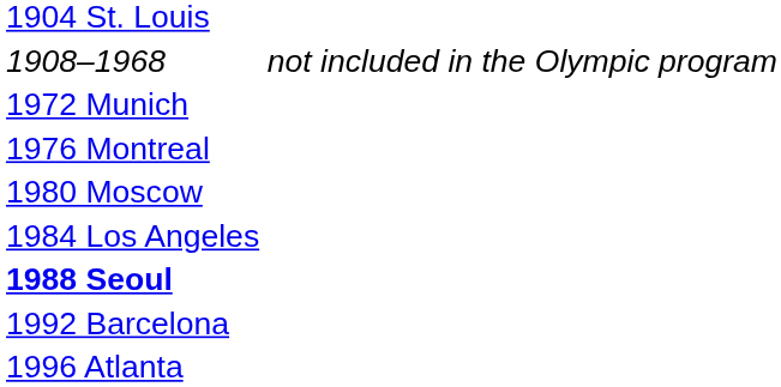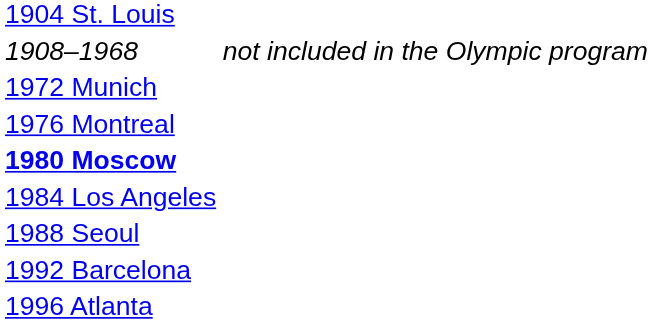 <table>
 <tr>
 <td><a href='#'>1904 St. Louis</a><br></td>
 <td></td>
 <td></td>
 <td></td>
 </tr>
 <tr>
 <td><em>1908–1968</em></td>
 <td colspan=3 align=center><em>not included in the Olympic program</em></td>
 </tr>
 <tr>
 <td><a href='#'>1972 Munich</a><br></td>
 <td></td>
 <td></td>
 <td></td>
 </tr>
 <tr>
 <td><a href='#'>1976 Montreal</a><br></td>
 <td></td>
 <td></td>
 <td></td>
 </tr>
 <tr>
-<td><a href='#'>1980 Moscow</a><br></td>
+<td><strong><a href='#'>1980 Moscow</a><br></strong></td>
 <td></td>
 <td></td>
 <td></td>
 </tr>
 <tr>
 <td><a href='#'>1984 Los Angeles</a><br></td>
 <td></td>
 <td></td>
 <td></td>
 </tr>
 <tr>
-<td><strong><a href='#'>1988 Seoul</a><br></strong></td>
+<td><a href='#'>1988 Seoul</a><br></td>
 <td></td>
 <td></td>
 <td></td>
 </tr>
 <tr>
 <td><a href='#'>1992 Barcelona</a><br></td>
 <td></td>
 <td></td>
 <td></td>
 </tr>
 <tr>
 <td><a href='#'>1996 Atlanta</a><br></td>
 <td></td>
 <td></td>
 <td></td>
 </tr>
 </table>
